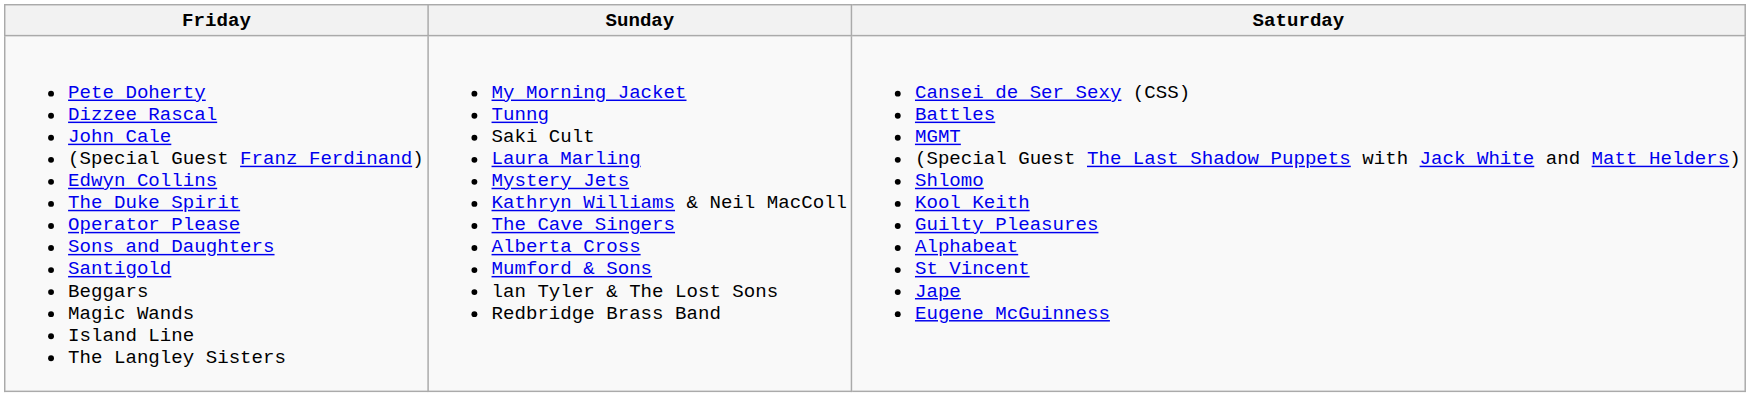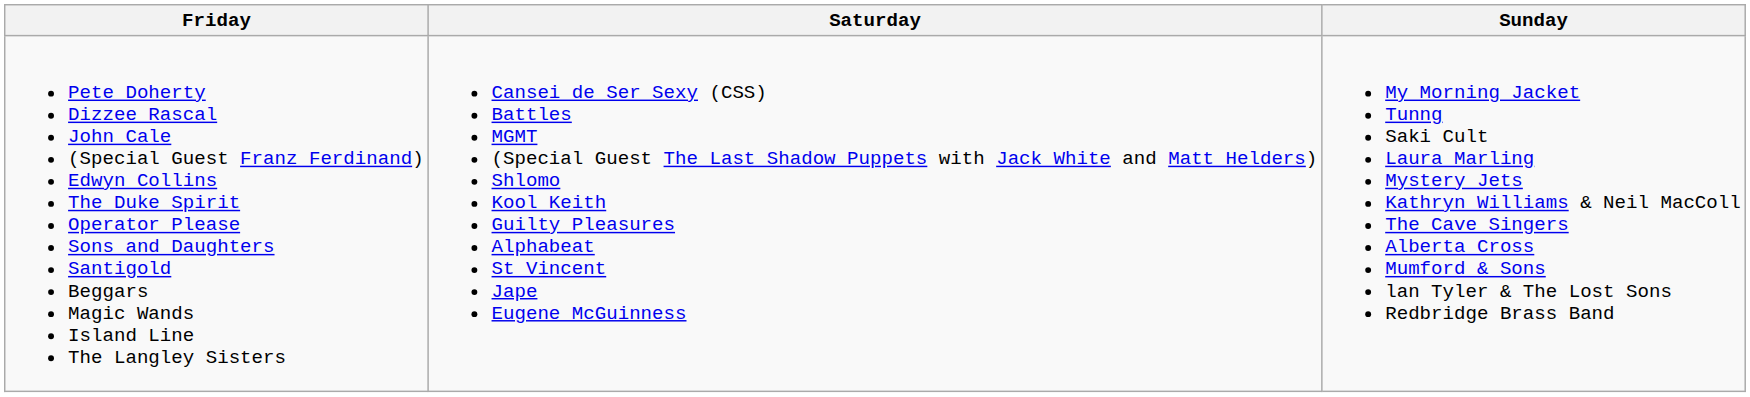 <table class="wikitable">
 <tr>
 <th>Friday</th>
+<th>Saturday</th>
 <th>Sunday</th>
-<th>Saturday</th>
 </tr>
 <tr valign="top">
 <td><br><ul><li><a href='#'>Pete Doherty</a></li><li><a href='#'>Dizzee Rascal</a></li><li><a href='#'>John Cale</a></li><li>(Special Guest <a href='#'>Franz Ferdinand</a>)</li><li><a href='#'>Edwyn Collins</a></li><li><a href='#'>The Duke Spirit</a></li><li><a href='#'>Operator Please</a></li><li><a href='#'>Sons and Daughters</a></li><li><a href='#'>Santigold</a></li><li>Beggars</li><li>Magic Wands</li><li>Island Line</li><li>The Langley Sisters</li></ul></td>
+<td><br><ul><li><a href='#'>Cansei de Ser Sexy</a> (CSS)</li><li><a href='#'>Battles</a></li><li><a href='#'>MGMT</a></li><li>(Special Guest <a href='#'>The Last Shadow Puppets</a> with <a href='#'>Jack White</a> and <a href='#'>Matt Helders</a>)</li><li><a href='#'>Shlomo</a></li><li><a href='#'>Kool Keith</a></li><li><a href='#'>Guilty Pleasures</a></li><li><a href='#'>Alphabeat</a></li><li><a href='#'>St Vincent</a></li><li><a href='#'>Jape</a></li><li><a href='#'>Eugene McGuinness</a></li></ul></td>
 <td><br><ul><li><a href='#'>My Morning Jacket</a></li><li><a href='#'>Tunng</a></li><li>Saki Cult</li><li><a href='#'>Laura Marling</a></li><li><a href='#'>Mystery Jets</a></li><li><a href='#'>Kathryn Williams</a> & Neil MacColl</li><li><a href='#'>The Cave Singers</a></li><li><a href='#'>Alberta Cross</a></li><li><a href='#'>Mumford & Sons</a></li><li>lan Tyler & The Lost Sons</li><li>Redbridge Brass Band</li></ul></td>
-<td><br><ul><li><a href='#'>Cansei de Ser Sexy</a> (CSS)</li><li><a href='#'>Battles</a></li><li><a href='#'>MGMT</a></li><li>(Special Guest <a href='#'>The Last Shadow Puppets</a> with <a href='#'>Jack White</a> and <a href='#'>Matt Helders</a>)</li><li><a href='#'>Shlomo</a></li><li><a href='#'>Kool Keith</a></li><li><a href='#'>Guilty Pleasures</a></li><li><a href='#'>Alphabeat</a></li><li><a href='#'>St Vincent</a></li><li><a href='#'>Jape</a></li><li><a href='#'>Eugene McGuinness</a></li></ul></td>
 </tr>
 </table>
